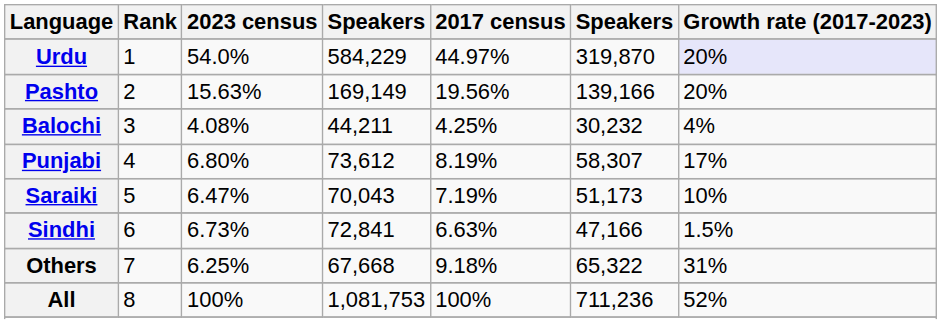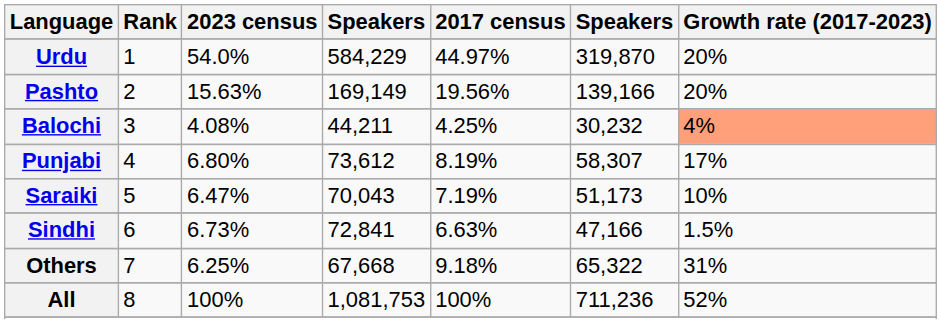 <table class="wikitable">
 <tr>
 <th>Language</th>
 <th>Rank</th>
 <th>2023 census</th>
 <th>Speakers</th>
 <th>2017 census</th>
 <th>Speakers</th>
 <th>Growth rate (2017-2023)</th>
 </tr>
 <tr>
 </tr>
 <tr>
 </tr>
 <tr>
 </tr>
 <tr>
 </tr>
 <tr>
 </tr>
 <tr>
 </tr>
 <tr>
 </tr>
 <tr>
 </tr>
 <tr>
 <th><a href='#'>Urdu</a></th>
 <td>1</td>
 <td>54.0%</td>
 <td>584,229</td>
 <td>44.97%</td>
 <td>319,870</td>
-<td style="background: lavender;">20%</td>
+<td>20%</td>
 </tr>
 <tr>
 </tr>
 <tr>
 </tr>
 <tr>
 </tr>
 <tr>
 <th><a href='#'>Pashto</a></th>
 <td>2</td>
 <td>15.63%</td>
 <td>169,149</td>
 <td>19.56%</td>
 <td>139,166</td>
 <td>20%</td>
 </tr>
 <tr>
 </tr>
 <tr>
 </tr>
 <tr>
 </tr>
 <tr>
 <th><a href='#'>Balochi</a></th>
 <td>3</td>
 <td>4.08%</td>
 <td>44,211</td>
 <td>4.25%</td>
 <td>30,232</td>
-<td>4%</td>
+<td style="background: lightsalmon;">4%</td>
 </tr>
 <tr>
 </tr>
 <tr>
 </tr>
 <tr>
 </tr>
 <tr>
 <th><a href='#'>Punjabi</a></th>
 <td>4</td>
 <td>6.80%</td>
 <td>73,612</td>
 <td>8.19%</td>
 <td>58,307</td>
 <td>17%</td>
 </tr>
 <tr>
 </tr>
 <tr>
 </tr>
 <tr>
 </tr>
 <tr>
 <th><a href='#'>Saraiki</a></th>
 <td>5</td>
 <td>6.47%</td>
 <td>70,043</td>
 <td>7.19%</td>
 <td>51,173</td>
 <td>10%</td>
 </tr>
 <tr>
 </tr>
 <tr>
 </tr>
 <tr>
 </tr>
 <tr>
 <th><a href='#'>Sindhi</a></th>
 <td>6</td>
 <td>6.73%</td>
 <td>72,841</td>
 <td>6.63%</td>
 <td>47,166</td>
 <td>1.5%</td>
 </tr>
 <tr>
 </tr>
 <tr>
 </tr>
 <tr>
 </tr>
 <tr>
 <th>Others</th>
 <td>7</td>
 <td>6.25%</td>
 <td>67,668</td>
 <td>9.18%</td>
 <td>65,322</td>
 <td>31%</td>
 </tr>
 <tr>
 </tr>
 <tr>
 </tr>
 <tr>
 </tr>
 <tr>
 <th>All</th>
 <td>8</td>
 <td>100%</td>
 <td>1,081,753</td>
 <td>100%</td>
 <td>711,236</td>
 <td>52%</td>
 </tr>
 <tr>
 </tr>
 <tr>
 </tr>
 <tr>
 </tr>
 <tr>
 </tr>
 </table>
